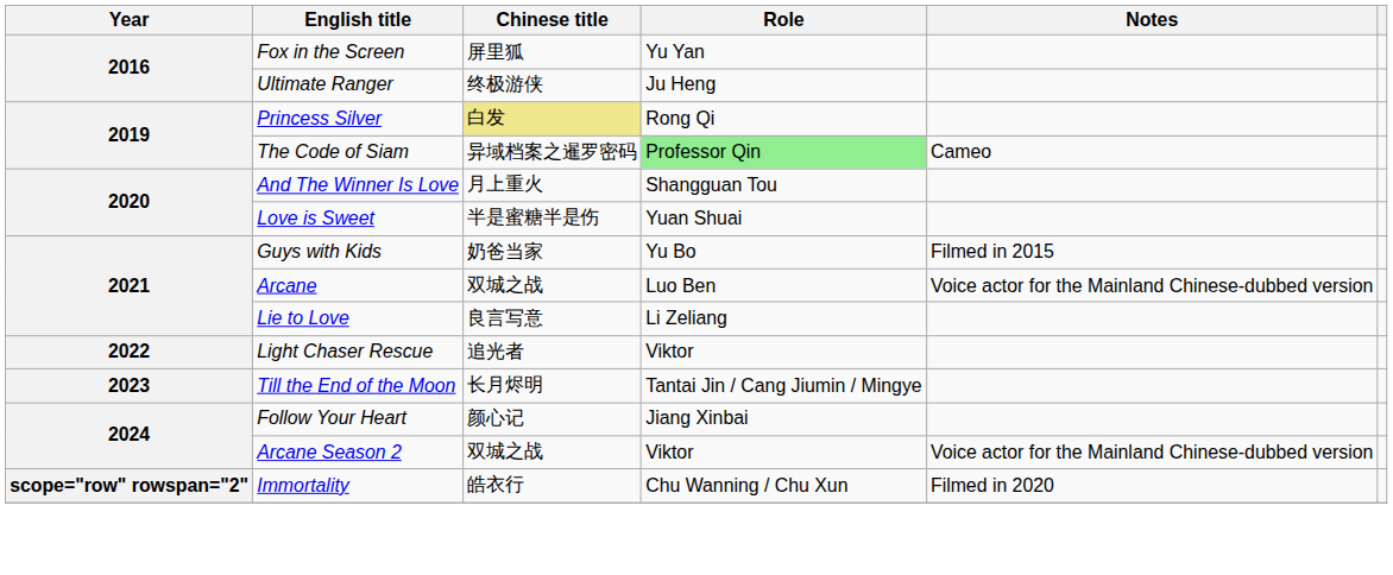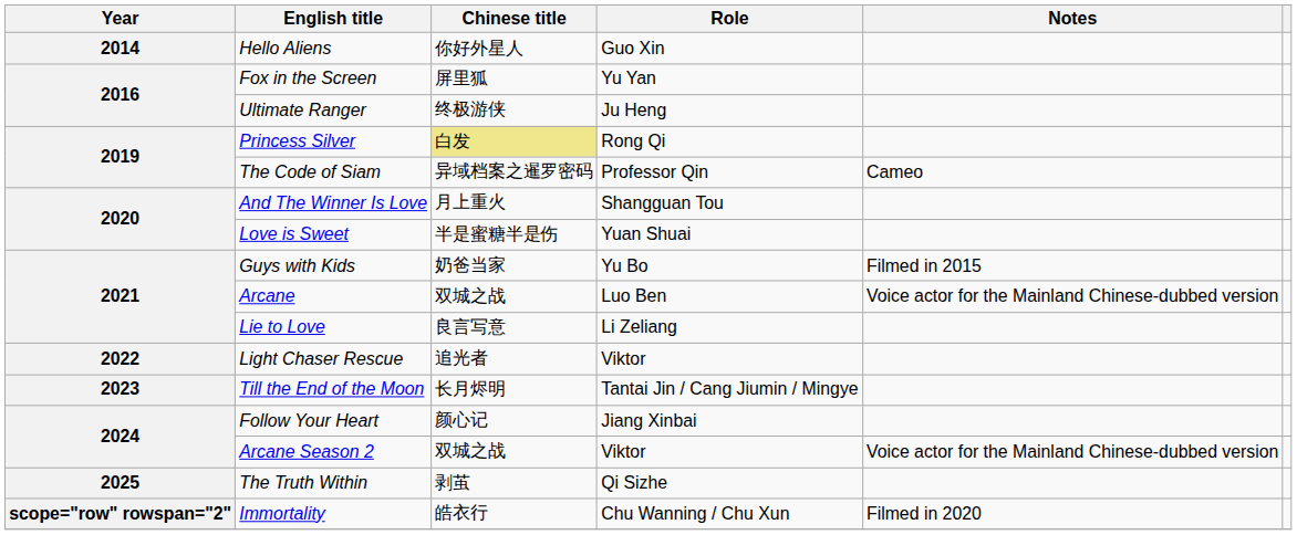 <table class="wikitable plainrowheaders">
 <tr>
 <th scope="col">Year</th>
 <th scope="col">English title</th>
 <th scope="col">Chinese title</th>
 <th scope="col">Role</th>
 <th scope="col">Notes</th>
 <th scope="col" class="unsortable"></th>
+</tr>
+<tr>
+<th scope="row">2014</th>
+<td><em>Hello Aliens</em></td>
+<td>你好外星人</td>
+<td>Guo Xin</td>
+<td></td>
+<td></td>
 </tr>
 <tr>
 <th scope="row" rowspan="2">2016</th>
 <td><em>Fox in the Screen</em></td>
 <td>屏里狐</td>
 <td>Yu Yan</td>
 <td></td>
 <td></td>
 </tr>
 <tr>
 <td><em>Ultimate Ranger</em></td>
 <td>终极游侠</td>
 <td>Ju Heng</td>
 <td></td>
 <td></td>
 </tr>
 <tr>
 <th scope="row" rowspan="2">2019</th>
 <td><em><a href='#'>Princess Silver</a></em></td>
 <td style="background: khaki;">白发</td>
 <td>Rong Qi</td>
 <td></td>
 <td></td>
 </tr>
 <tr>
 <td><em>The Code of Siam</em></td>
 <td>异域档案之暹罗密码</td>
-<td style="background: lightgreen;">Professor Qin</td>
+<td>Professor Qin</td>
 <td>Cameo</td>
 <td></td>
 </tr>
 <tr>
 <th scope="row" rowspan="2">2020</th>
 <td><em><a href='#'>And The Winner Is Love</a></em></td>
 <td>月上重火</td>
 <td>Shangguan Tou</td>
 <td></td>
 <td></td>
 </tr>
 <tr>
 <td><em><a href='#'>Love is Sweet</a></em></td>
 <td>半是蜜糖半是伤</td>
 <td>Yuan Shuai</td>
 <td></td>
 <td></td>
 </tr>
 <tr>
 <th scope="row" rowspan="3">2021</th>
 <td><em>Guys with Kids</em></td>
 <td>奶爸当家</td>
 <td>Yu Bo</td>
 <td>Filmed in 2015</td>
 <td></td>
 </tr>
 <tr>
 <td><em><a href='#'>Arcane</a></em></td>
 <td>双城之战</td>
 <td>Luo Ben</td>
 <td>Voice actor for the Mainland Chinese-dubbed version</td>
 <td></td>
 </tr>
 <tr>
 <td><em><a href='#'>Lie to Love</a></em></td>
 <td>良言写意</td>
 <td>Li Zeliang</td>
 <td></td>
 <td></td>
 </tr>
 <tr>
 <th scope="row">2022</th>
 <td><em>Light Chaser Rescue</em></td>
 <td>追光者</td>
 <td>Viktor</td>
 <td></td>
 <td></td>
 </tr>
 <tr>
 <th scope="row">2023</th>
 <td><em><a href='#'>Till the End of the Moon</a></em></td>
 <td>长月烬明</td>
 <td>Tantai Jin / Cang Jiumin / Mingye</td>
 <td></td>
 <td></td>
 </tr>
 <tr>
 <th scope="row" rowspan="2">2024</th>
 <td><em>Follow Your Heart</em></td>
 <td>颜心记</td>
 <td>Jiang Xinbai</td>
 <td></td>
 <td></td>
 </tr>
 <tr>
 <td><em><a href='#'>Arcane Season 2</a></em></td>
 <td>双城之战</td>
 <td>Viktor</td>
 <td>Voice actor for the Mainland Chinese-dubbed version</td>
 <td></td>
 </tr>
 <tr>
+<th scope="row">2025</th>
+<td><em>The Truth Within</em></td>
+<td>剥茧</td>
+<td>Qi Sizhe</td>
+<td></td>
+<td></td>
+</tr>
+<tr>
 <th>scope="row" rowspan="2" </th>
 <td><em><a href='#'>Immortality</a></em></td>
 <td>皓衣行</td>
 <td>Chu Wanning / Chu Xun</td>
 <td>Filmed in 2020</td>
 <td></td>
 </tr>
 <tr>
 </tr>
 </table>
